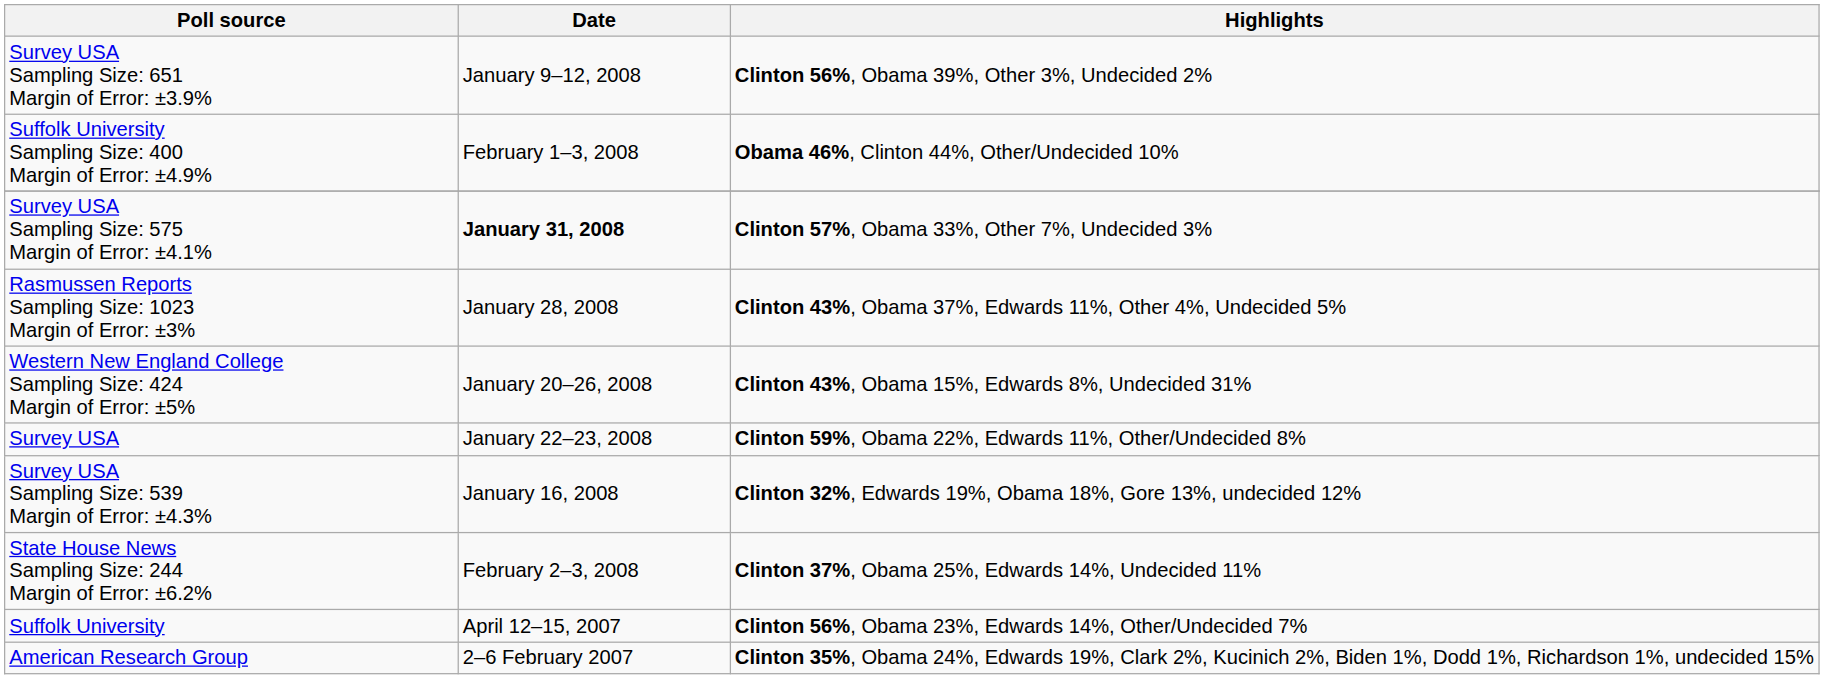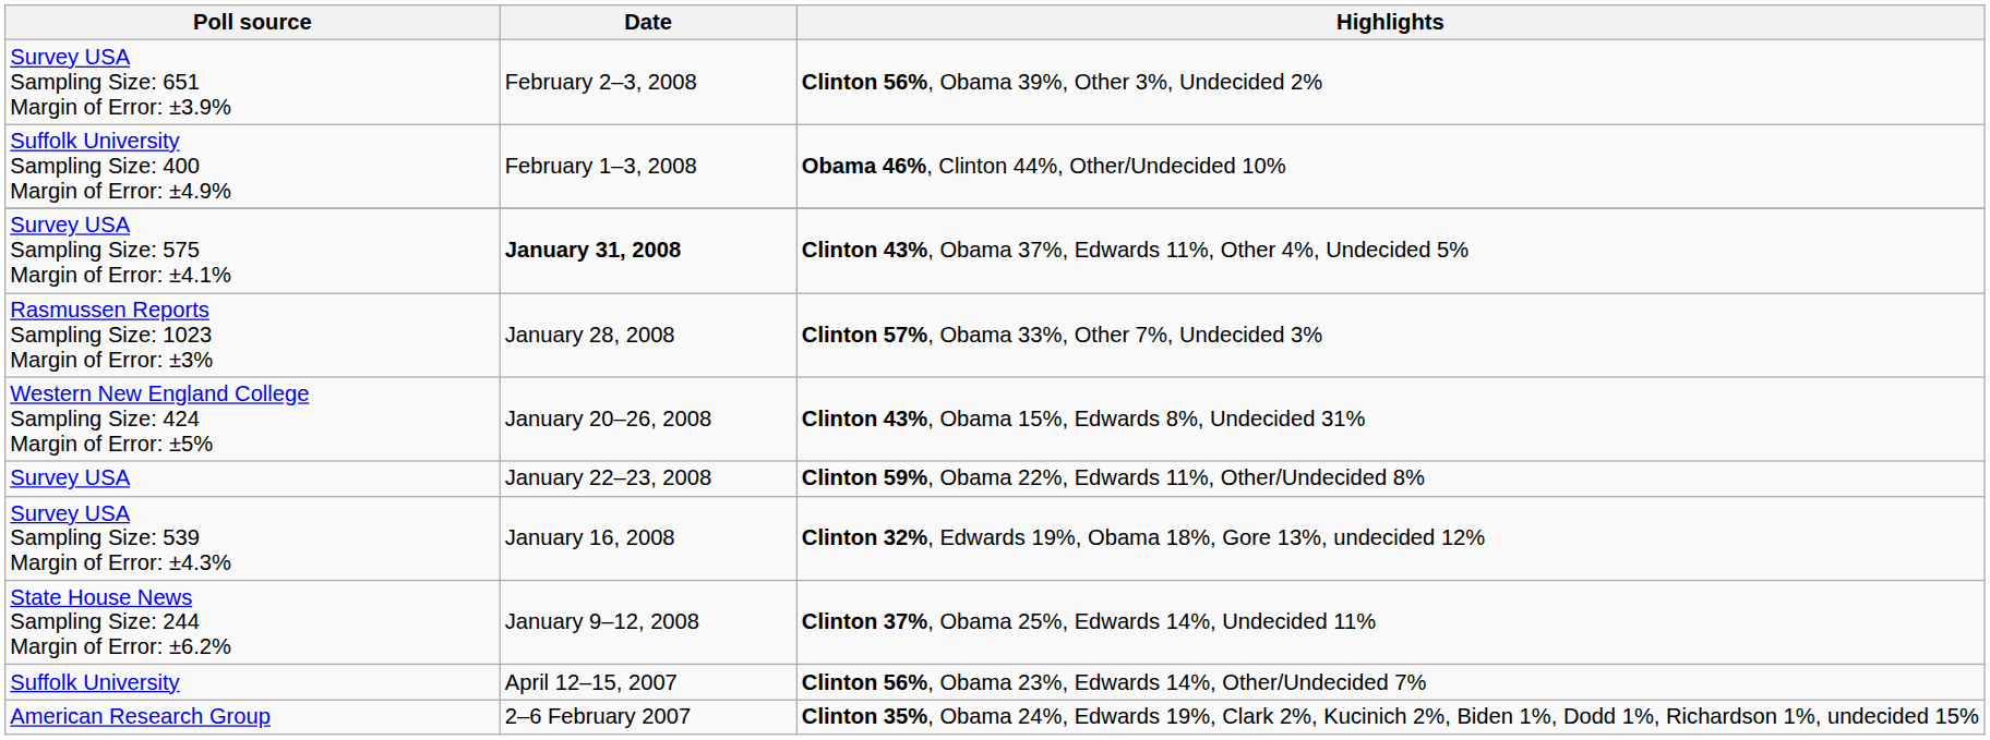 <table class="wikitable sortable">
 <tr>
 <th width="25%">Poll source</th>
 <th width="15%">Date</th>
 <th width="60%">Highlights</th>
 </tr>
 <tr>
 <td><a href='#'>Survey USA</a><br>Sampling Size: 651<br> Margin of Error: ±3.9%</td>
-<td>January 9–12, 2008</td>
+<td>February 2–3, 2008</td>
 <td><strong>Clinton 56%</strong>, Obama 39%, Other 3%, Undecided 2%</td>
 </tr>
 <tr>
 <td><a href='#'>Suffolk University</a><br>Sampling Size: 400<br> Margin of Error: ±4.9%</td>
 <td>February 1–3, 2008</td>
 <td><strong>Obama 46%</strong>, Clinton 44%, Other/Undecided 10%</td>
 </tr>
 <tr>
 </tr>
 <tr>
 <td><a href='#'>Survey USA</a><br>Sampling Size: 575<br> Margin of Error: ±4.1%</td>
 <td><strong>January 31, 2008</strong></td>
-<td><strong>Clinton 57%</strong>, Obama 33%, Other 7%, Undecided 3%</td>
+<td><strong>Clinton 43%</strong>, Obama 37%, Edwards 11%, Other 4%, Undecided 5%</td>
 </tr>
 <tr>
 <td><a href='#'>Rasmussen Reports</a><br>Sampling Size: 1023<br> Margin of Error: ±3%</td>
 <td>January 28, 2008</td>
-<td><strong>Clinton 43%</strong>, Obama 37%, Edwards 11%, Other 4%, Undecided 5%</td>
+<td><strong>Clinton 57%</strong>, Obama 33%, Other 7%, Undecided 3%</td>
 </tr>
 <tr>
 <td><a href='#'>Western New England College</a><br>Sampling Size: 424<br> Margin of Error: ±5%</td>
 <td>January 20–26, 2008</td>
 <td><strong>Clinton 43%</strong>, Obama 15%, Edwards 8%, Undecided 31%</td>
 </tr>
 <tr>
 <td><a href='#'>Survey USA</a></td>
 <td>January 22–23, 2008</td>
 <td><strong>Clinton 59%</strong>, Obama 22%, Edwards 11%, Other/Undecided 8%</td>
 </tr>
 <tr>
 <td><a href='#'>Survey USA</a><br>Sampling Size: 539<br> Margin of Error: ±4.3%</td>
 <td>January 16, 2008</td>
 <td><strong>Clinton 32%</strong>, Edwards 19%, Obama 18%, Gore 13%, undecided 12%</td>
 </tr>
 <tr>
 <td><a href='#'>State House News</a><br>Sampling Size: 244<br> Margin of Error: ±6.2%</td>
-<td>February 2–3, 2008</td>
+<td>January 9–12, 2008</td>
 <td><strong>Clinton 37%</strong>, Obama 25%, Edwards 14%, Undecided 11%</td>
 </tr>
 <tr>
 <td><a href='#'>Suffolk University</a></td>
 <td>April 12–15, 2007</td>
 <td><strong>Clinton 56%</strong>, Obama 23%, Edwards 14%, Other/Undecided 7%</td>
 </tr>
 <tr>
 <td><a href='#'>American Research Group</a></td>
 <td>2–6 February 2007</td>
 <td><strong>Clinton 35%</strong>, Obama 24%, Edwards 19%, Clark 2%, Kucinich 2%, Biden 1%, Dodd 1%, Richardson 1%, undecided 15%</td>
 </tr>
 </table>
